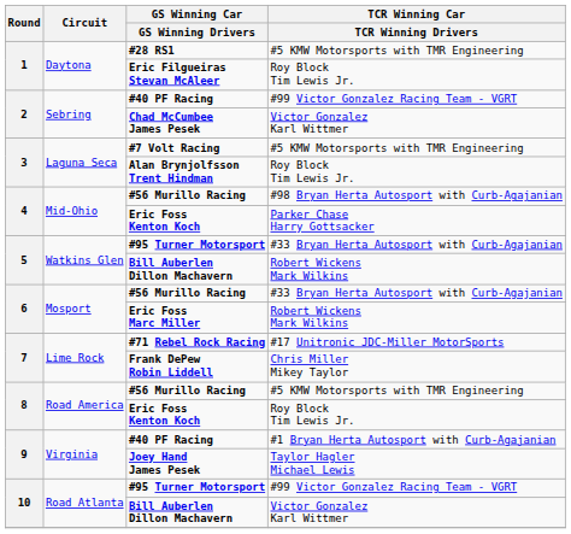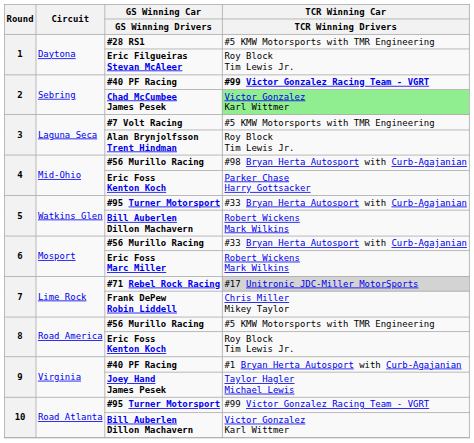 <table class="wikitable" style="font-size:85%;">
 <tr>
 <th rowspan=2>Round</th>
 <th rowspan=2>Circuit</th>
 <th>GS Winning Car</th>
 <th>TCR Winning Car</th>
 </tr>
 <tr>
 <th>GS Winning Drivers</th>
 <th>TCR Winning Drivers</th>
 </tr>
 <tr>
 <th rowspan=2>1</th>
 <td rowspan=2> <a href='#'>Daytona</a></td>
 <td><strong> #28 RS1</strong></td>
 <td> #5 KMW Motorsports with TMR Engineering</td>
 </tr>
 <tr>
 <td><strong> Eric Filgueiras<br> <a href='#'>Stevan McAleer</a></strong></td>
 <td> Roy Block<br> Tim Lewis Jr.</td>
 </tr>
 <tr>
 <th rowspan=2>2</th>
 <td rowspan=2> <a href='#'>Sebring</a></td>
 <td><strong> #40 PF Racing</strong></td>
-<td> #99 <a href='#'>Victor Gonzalez Racing Team - VGRT</a></td>
+<td><strong> #99 <a href='#'>Victor Gonzalez Racing Team - VGRT</a></strong></td>
 </tr>
 <tr>
 <td><strong> <a href='#'>Chad McCumbee</a><br> James Pesek</strong></td>
-<td> <a href='#'>Victor Gonzalez</a><br> Karl Wittmer</td>
+<td style="background: lightgreen;"> <a href='#'>Victor Gonzalez</a><br> Karl Wittmer</td>
 </tr>
 <tr>
 <th rowspan=2>3</th>
 <td rowspan=2> <a href='#'>Laguna Seca</a></td>
 <td><strong> #7 Volt Racing</strong></td>
 <td> #5 KMW Motorsports with TMR Engineering</td>
 </tr>
 <tr>
 <td><strong> Alan Brynjolfsson<br> <a href='#'>Trent Hindman</a></strong></td>
 <td> Roy Block<br> Tim Lewis Jr.</td>
 </tr>
 <tr>
 <th rowspan=2>4</th>
 <td rowspan=2> <a href='#'>Mid-Ohio</a></td>
 <td><strong> #56 Murillo Racing</strong></td>
 <td> #98 <a href='#'>Bryan Herta Autosport</a> with <a href='#'>Curb-Agajanian</a></td>
 </tr>
 <tr>
 <td><strong> Eric Foss<br> <a href='#'>Kenton Koch</a></strong></td>
 <td> <a href='#'>Parker Chase</a><br> <a href='#'>Harry Gottsacker</a></td>
 </tr>
 <tr>
 <th rowspan=2>5</th>
 <td rowspan=2> <a href='#'>Watkins Glen</a></td>
 <td><strong> #95 <a href='#'>Turner Motorsport</a></strong></td>
 <td> #33 <a href='#'>Bryan Herta Autosport</a> with <a href='#'>Curb-Agajanian</a></td>
 </tr>
 <tr>
 <td><strong> <a href='#'>Bill Auberlen</a><br> Dillon Machavern</strong></td>
 <td> <a href='#'>Robert Wickens</a><br> <a href='#'>Mark Wilkins</a></td>
 </tr>
 <tr>
 <th rowspan=2>6</th>
 <td rowspan=2> <a href='#'>Mosport</a></td>
 <td><strong> #56 Murillo Racing</strong></td>
 <td> #33 <a href='#'>Bryan Herta Autosport</a> with <a href='#'>Curb-Agajanian</a></td>
 </tr>
 <tr>
 <td><strong> Eric Foss<br> <a href='#'>Marc Miller</a></strong></td>
 <td> <a href='#'>Robert Wickens</a><br> <a href='#'>Mark Wilkins</a></td>
 </tr>
 <tr>
 <th rowspan=2>7</th>
 <td rowspan=2> <a href='#'>Lime Rock</a></td>
 <td><strong> #71 <a href='#'>Rebel Rock Racing</a></strong></td>
-<td> #17 <a href='#'>Unitronic JDC-Miller MotorSports</a></td>
+<td style="background: lightgrey;"> #17 <a href='#'>Unitronic JDC-Miller MotorSports</a></td>
 </tr>
 <tr>
 <td><strong> Frank DePew<br> <a href='#'>Robin Liddell</a></strong></td>
 <td> <a href='#'>Chris Miller</a><br> Mikey Taylor</td>
 </tr>
 <tr>
 <th rowspan=2>8</th>
 <td rowspan=2> <a href='#'>Road America</a></td>
 <td><strong> #56 Murillo Racing</strong></td>
 <td> #5 KMW Motorsports with TMR Engineering</td>
 </tr>
 <tr>
 <td><strong> Eric Foss<br> <a href='#'>Kenton Koch</a></strong></td>
 <td> Roy Block<br> Tim Lewis Jr.</td>
 </tr>
 <tr>
 <th rowspan=2>9</th>
 <td rowspan=2> <a href='#'>Virginia</a></td>
 <td><strong> #40 PF Racing</strong></td>
 <td> #1 <a href='#'>Bryan Herta Autosport</a> with <a href='#'>Curb-Agajanian</a></td>
 </tr>
 <tr>
 <td><strong> <a href='#'>Joey Hand</a><br> James Pesek</strong></td>
 <td> <a href='#'>Taylor Hagler</a><br> <a href='#'>Michael Lewis</a></td>
 </tr>
 <tr>
 <th rowspan=2>10</th>
 <td rowspan=2> <a href='#'>Road Atlanta</a></td>
 <td><strong> #95 <a href='#'>Turner Motorsport</a></strong></td>
 <td> #99 <a href='#'>Victor Gonzalez Racing Team - VGRT</a></td>
 </tr>
 <tr>
 <td><strong> <a href='#'>Bill Auberlen</a><br> Dillon Machavern</strong></td>
 <td> <a href='#'>Victor Gonzalez</a><br> Karl Wittmer</td>
 </tr>
 <tr>
 </tr>
 </table>
